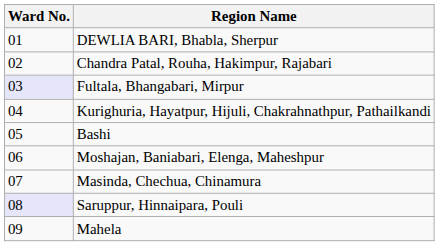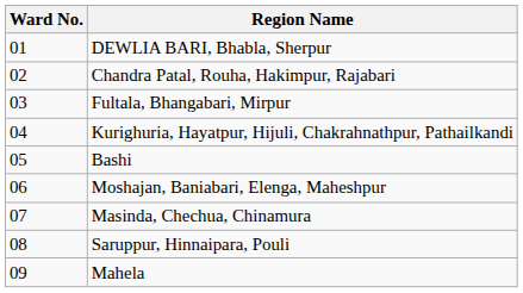 <table class="wikitable" style="margin-bottom: 10px;">
 <tr>
 <th>Ward No.</th>
 <th>Region Name</th>
 </tr>
 <tr>
 <td>01</td>
 <td>DEWLIA BARI, Bhabla, Sherpur</td>
 </tr>
 <tr>
 <td>02</td>
 <td>Chandra Patal, Rouha, Hakimpur, Rajabari</td>
 </tr>
 <tr>
-<td style="background: lavender;">03</td>
+<td>03</td>
 <td>Fultala, Bhangabari, Mirpur</td>
 </tr>
 <tr>
 <td>04</td>
 <td>Kurighuria, Hayatpur, Hijuli, Chakrahnathpur, Pathailkandi</td>
 </tr>
 <tr>
 <td>05</td>
 <td>Bashi</td>
 </tr>
 <tr>
 <td>06</td>
 <td>Moshajan, Baniabari, Elenga, Maheshpur</td>
 </tr>
 <tr>
 <td>07</td>
 <td>Masinda, Chechua, Chinamura</td>
 </tr>
 <tr>
-<td style="background: lavender;">08</td>
+<td>08</td>
 <td>Saruppur, Hinnaipara, Pouli</td>
 </tr>
 <tr>
 <td>09</td>
 <td>Mahela</td>
 </tr>
 </table>
